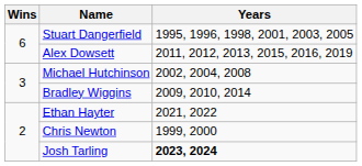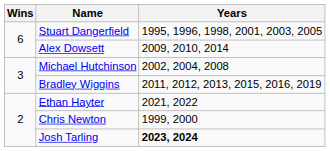 <table class="wikitable">
 <tr>
 <th>Wins</th>
 <th>Name</th>
 <th>Years</th>
 </tr>
 <tr>
 <td align=center rowspan=2>6</td>
 <td><a href='#'>Stuart Dangerfield</a></td>
 <td align=left>1995, 1996, 1998, 2001, 2003, 2005</td>
 </tr>
 <tr>
 <td><a href='#'>Alex Dowsett</a></td>
-<td align=left>2011, 2012, 2013, 2015, 2016, 2019</td>
+<td align=left>2009, 2010, 2014</td>
 </tr>
 <tr>
 <td align=center rowspan=2>3</td>
 <td><a href='#'>Michael Hutchinson</a></td>
 <td align=left>2002, 2004, 2008</td>
 </tr>
 <tr>
 <td><a href='#'>Bradley Wiggins</a></td>
-<td align=left>2009, 2010, 2014</td>
+<td align=left>2011, 2012, 2013, 2015, 2016, 2019</td>
 </tr>
 <tr>
 <td rowspan=3 style="text-align:center;">2</td>
 <td><a href='#'>Ethan Hayter</a></td>
 <td align=left>2021, 2022</td>
 </tr>
 <tr>
 <td><a href='#'>Chris Newton</a></td>
 <td align=left>1999, 2000</td>
 </tr>
 <tr>
 <td><a href='#'>Josh Tarling</a></td>
 <td align=left><strong>2023, 2024</strong></td>
 </tr>
 </table>
